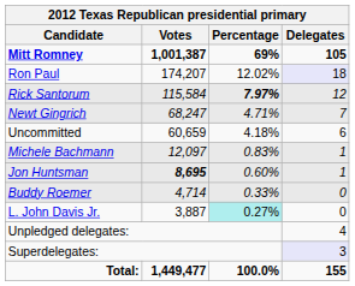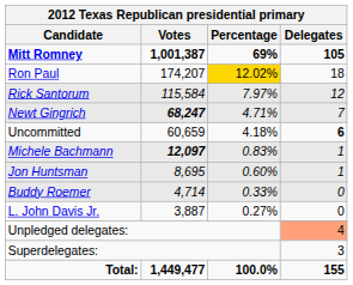 <table class="wikitable" style="font-size:95%;">
 <tr>
 <th colspan="4">2012 Texas Republican presidential primary</th>
 </tr>
 <tr>
 <th style="width:160px;">Candidate</th>
 <th style="width:75px;">Votes</th>
 <th style="width:75px;">Percentage</th>
 <th style="width:75px;">Delegates</th>
 </tr>
 <tr align="right" >
 <td align="left"><strong> <a href='#'>Mitt Romney</a></strong></td>
 <td><strong>1,001,387</strong></td>
 <td><strong>69%</strong></td>
 <td><strong>105</strong></td>
 </tr>
 <tr align="right">
 <td align="left"><a href='#'>Ron Paul</a></td>
 <td>174,207</td>
-<td>12.02%</td>
-<td style="background: lavender;">18</td>
+<td style="background: gold;">12.02%</td>
+<td>18</td>
 </tr>
 <tr align="right" bgcolor="e9e9e9">
 <td align="left"><em><a href='#'>Rick Santorum</a></em></td>
 <td><em>115,584</em></td>
-<td><strong><em>7.97%</em></strong></td>
+<td><em>7.97%</em></td>
 <td><em>12</em></td>
 </tr>
 <tr align="right" bgcolor="e9e9e9">
 <td align="left"><em><a href='#'>Newt Gingrich</a></em></td>
-<td><em>68,247</em></td>
+<td><strong><em>68,247</em></strong></td>
 <td><em>4.71%</em></td>
 <td><em>7</em></td>
 </tr>
 <tr align="right">
 <td align="left">Uncommitted</td>
 <td>60,659</td>
 <td>4.18%</td>
-<td>6</td>
+<td><strong>6</strong></td>
 </tr>
 <tr align="right" bgcolor="e9e9e9">
 <td align="left"><em><a href='#'>Michele Bachmann</a></em></td>
-<td><em>12,097</em></td>
+<td><strong><em>12,097</em></strong></td>
 <td><em>0.83%</em></td>
 <td><em>1</em></td>
 </tr>
 <tr align="right" bgcolor="e9e9e9">
 <td align="left"><a href='#'><em>Jon Huntsman</em></a></td>
-<td><strong><em>8,695</em></strong></td>
+<td><em>8,695</em></td>
 <td><em>0.60%</em></td>
 <td><em>1</em></td>
 </tr>
 <tr align="right" bgcolor="e9e9e9">
 <td align="left"><em><a href='#'>Buddy Roemer</a></em></td>
 <td><em>4,714</em></td>
 <td><em>0.33%</em></td>
 <td><em>0</em></td>
 </tr>
 <tr align="right">
 <td align="left"><a href='#'>L. John Davis Jr.</a></td>
 <td>3,887</td>
-<td style="background: paleturquoise;">0.27%</td>
+<td>0.27%</td>
 <td>0</td>
 </tr>
 <tr>
 <td colspan="3">Unpledged delegates:</td>
-<td align="right">4</td>
+<td align="right" style="background: lightsalmon;">4</td>
 </tr>
 <tr>
 <td colspan="3">Superdelegates:</td>
-<td align="right" style="background: lavender;">3</td>
+<td align="right">3</td>
 </tr>
 <tr align="right">
 <td><strong>Total:</strong></td>
 <td><strong>1,449,477</strong></td>
 <td><strong>100.0%</strong></td>
 <td><strong>155</strong></td>
 </tr>
 </table>
